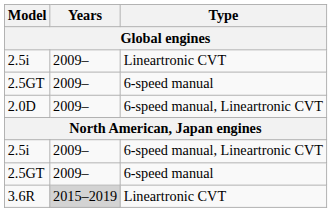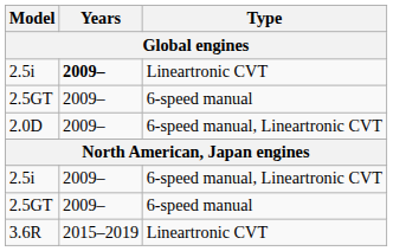 <table class="wikitable">
 <tr>
 <th>Model</th>
 <th>Years</th>
 <th>Type</th>
 </tr>
 <tr>
 <th colspan=4>Global engines</th>
 </tr>
 <tr>
 <td>2.5i</td>
-<td>2009–</td>
+<td><strong>2009–</strong></td>
 <td>Lineartronic CVT</td>
 </tr>
 <tr>
 <td>2.5GT</td>
 <td>2009–</td>
 <td>6-speed manual</td>
 </tr>
 <tr>
 <td>2.0D</td>
 <td>2009–</td>
 <td>6-speed manual, Lineartronic CVT</td>
 </tr>
 <tr>
 <th colspan=4>North American, Japan engines</th>
 </tr>
 <tr>
 <td>2.5i</td>
 <td>2009–</td>
 <td>6-speed manual, Lineartronic CVT</td>
 </tr>
 <tr>
 <td>2.5GT</td>
 <td>2009–</td>
 <td>6-speed manual</td>
 </tr>
 <tr>
 <td>3.6R</td>
-<td style="background: lightgrey;">2015–2019</td>
+<td>2015–2019</td>
 <td>Lineartronic CVT</td>
 </tr>
 </table>
